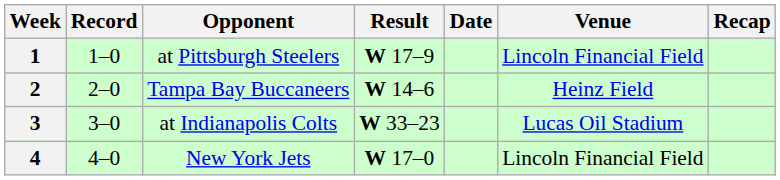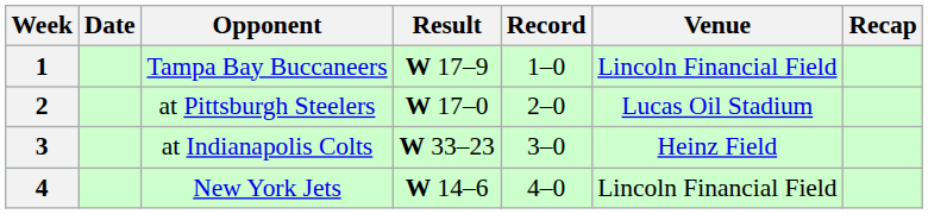 <table class="wikitable" style="text-align:center">
 <tr>
 <th>Week</th>
-<th>Record</th>
+<th>Date</th>
 <th>Opponent</th>
 <th>Result</th>
-<th>Date</th>
+<th>Record</th>
 <th>Venue</th>
 <th>Recap</th>
 </tr>
 <tr style="background:#cfc">
 <th>1</th>
+<td></td>
+<td><a href='#'>Tampa Bay Buccaneers</a></td>
+<td><strong>W</strong> 17–9</td>
 <td>1–0</td>
-<td>at <a href='#'>Pittsburgh Steelers</a></td>
-<td><strong>W</strong> 17–9</td>
-<td></td>
 <td><a href='#'>Lincoln Financial Field</a></td>
 <td></td>
 </tr>
 <tr style="background:#cfc">
 <th>2</th>
+<td></td>
+<td>at <a href='#'>Pittsburgh Steelers</a></td>
+<td><strong>W</strong> 17–0</td>
 <td>2–0</td>
-<td><a href='#'>Tampa Bay Buccaneers</a></td>
-<td><strong>W</strong> 14–6</td>
+<td><a href='#'>Lucas Oil Stadium</a></td>
 <td></td>
+</tr>
+<tr style="background:#cfc">
+<th>3</th>
+<td></td>
+<td>at <a href='#'>Indianapolis Colts</a></td>
+<td><strong>W</strong> 33–23</td>
+<td>3–0</td>
 <td><a href='#'>Heinz Field</a></td>
 <td></td>
 </tr>
 <tr style="background:#cfc">
-<th>3</th>
-<td>3–0</td>
-<td>at <a href='#'>Indianapolis Colts</a></td>
-<td><strong>W</strong> 33–23</td>
+<th>4</th>
 <td></td>
-<td><a href='#'>Lucas Oil Stadium</a></td>
-<td></td>
-</tr>
-<tr style="background:#cfc">
-<th>4</th>
+<td><a href='#'>New York Jets</a></td>
+<td><strong>W</strong> 14–6</td>
 <td>4–0</td>
-<td><a href='#'>New York Jets</a></td>
-<td><strong>W</strong> 17–0</td>
-<td></td>
 <td>Lincoln Financial Field</td>
 <td></td>
 </tr>
 </table>
